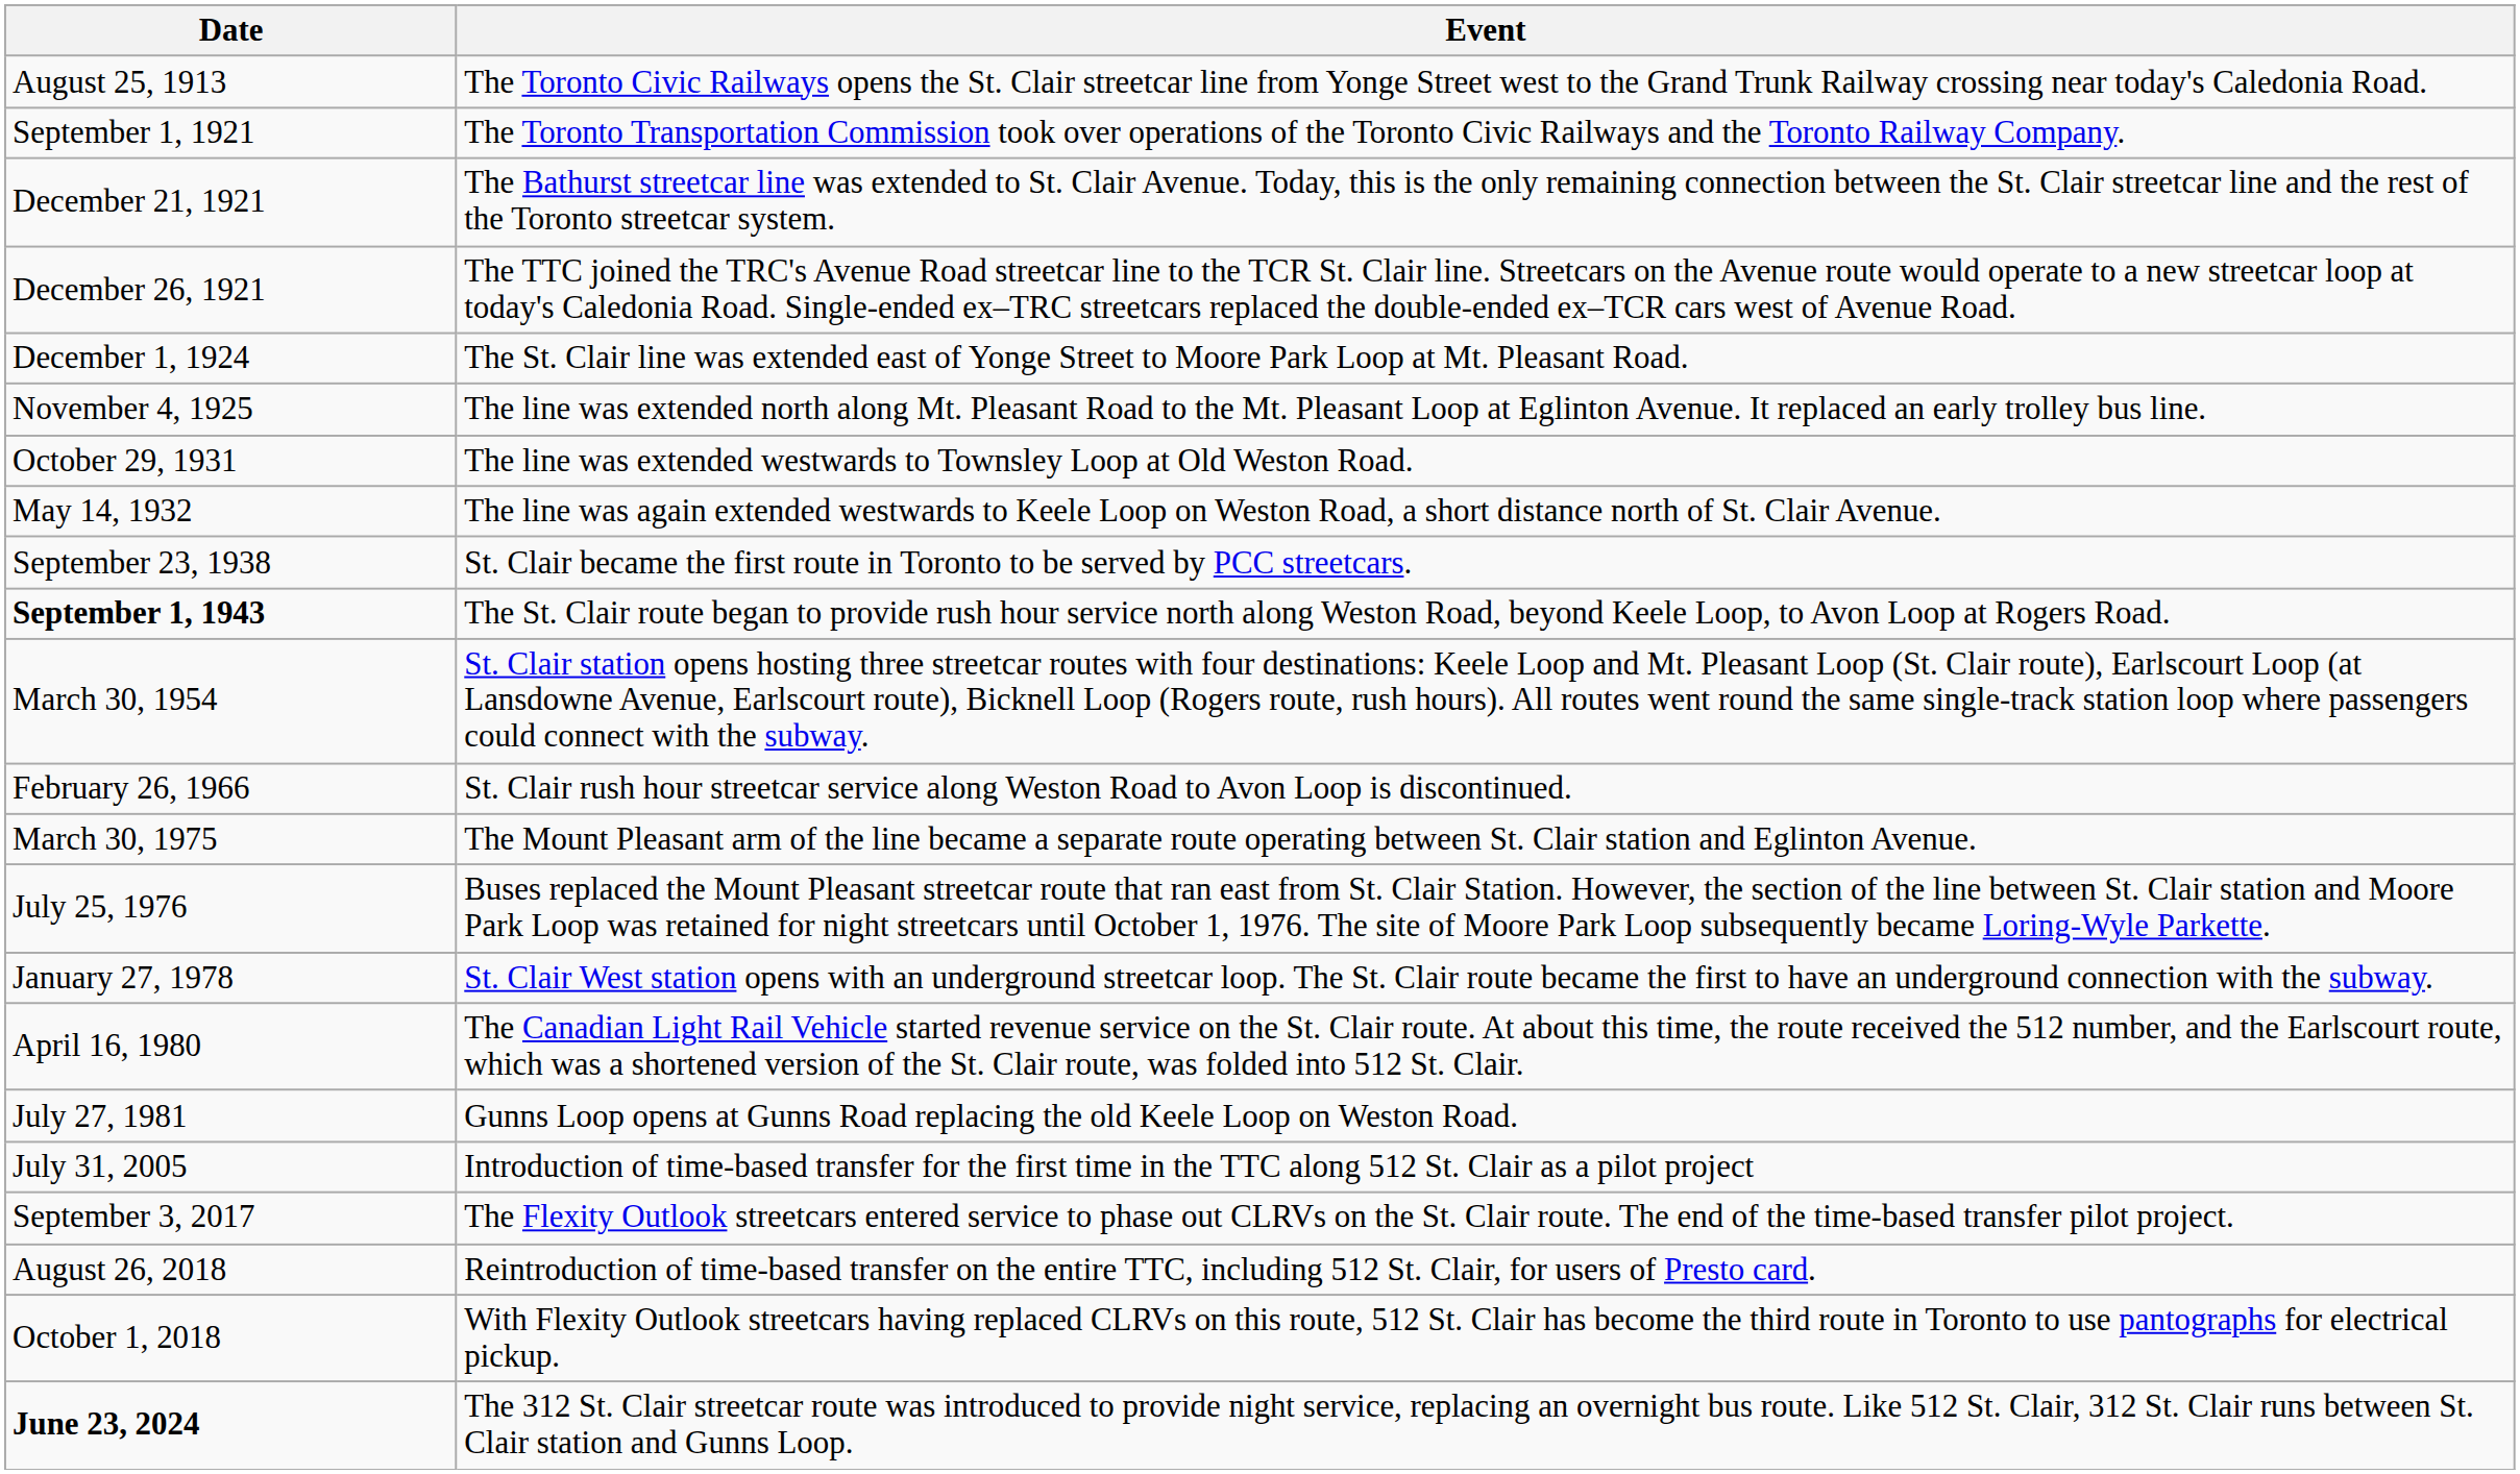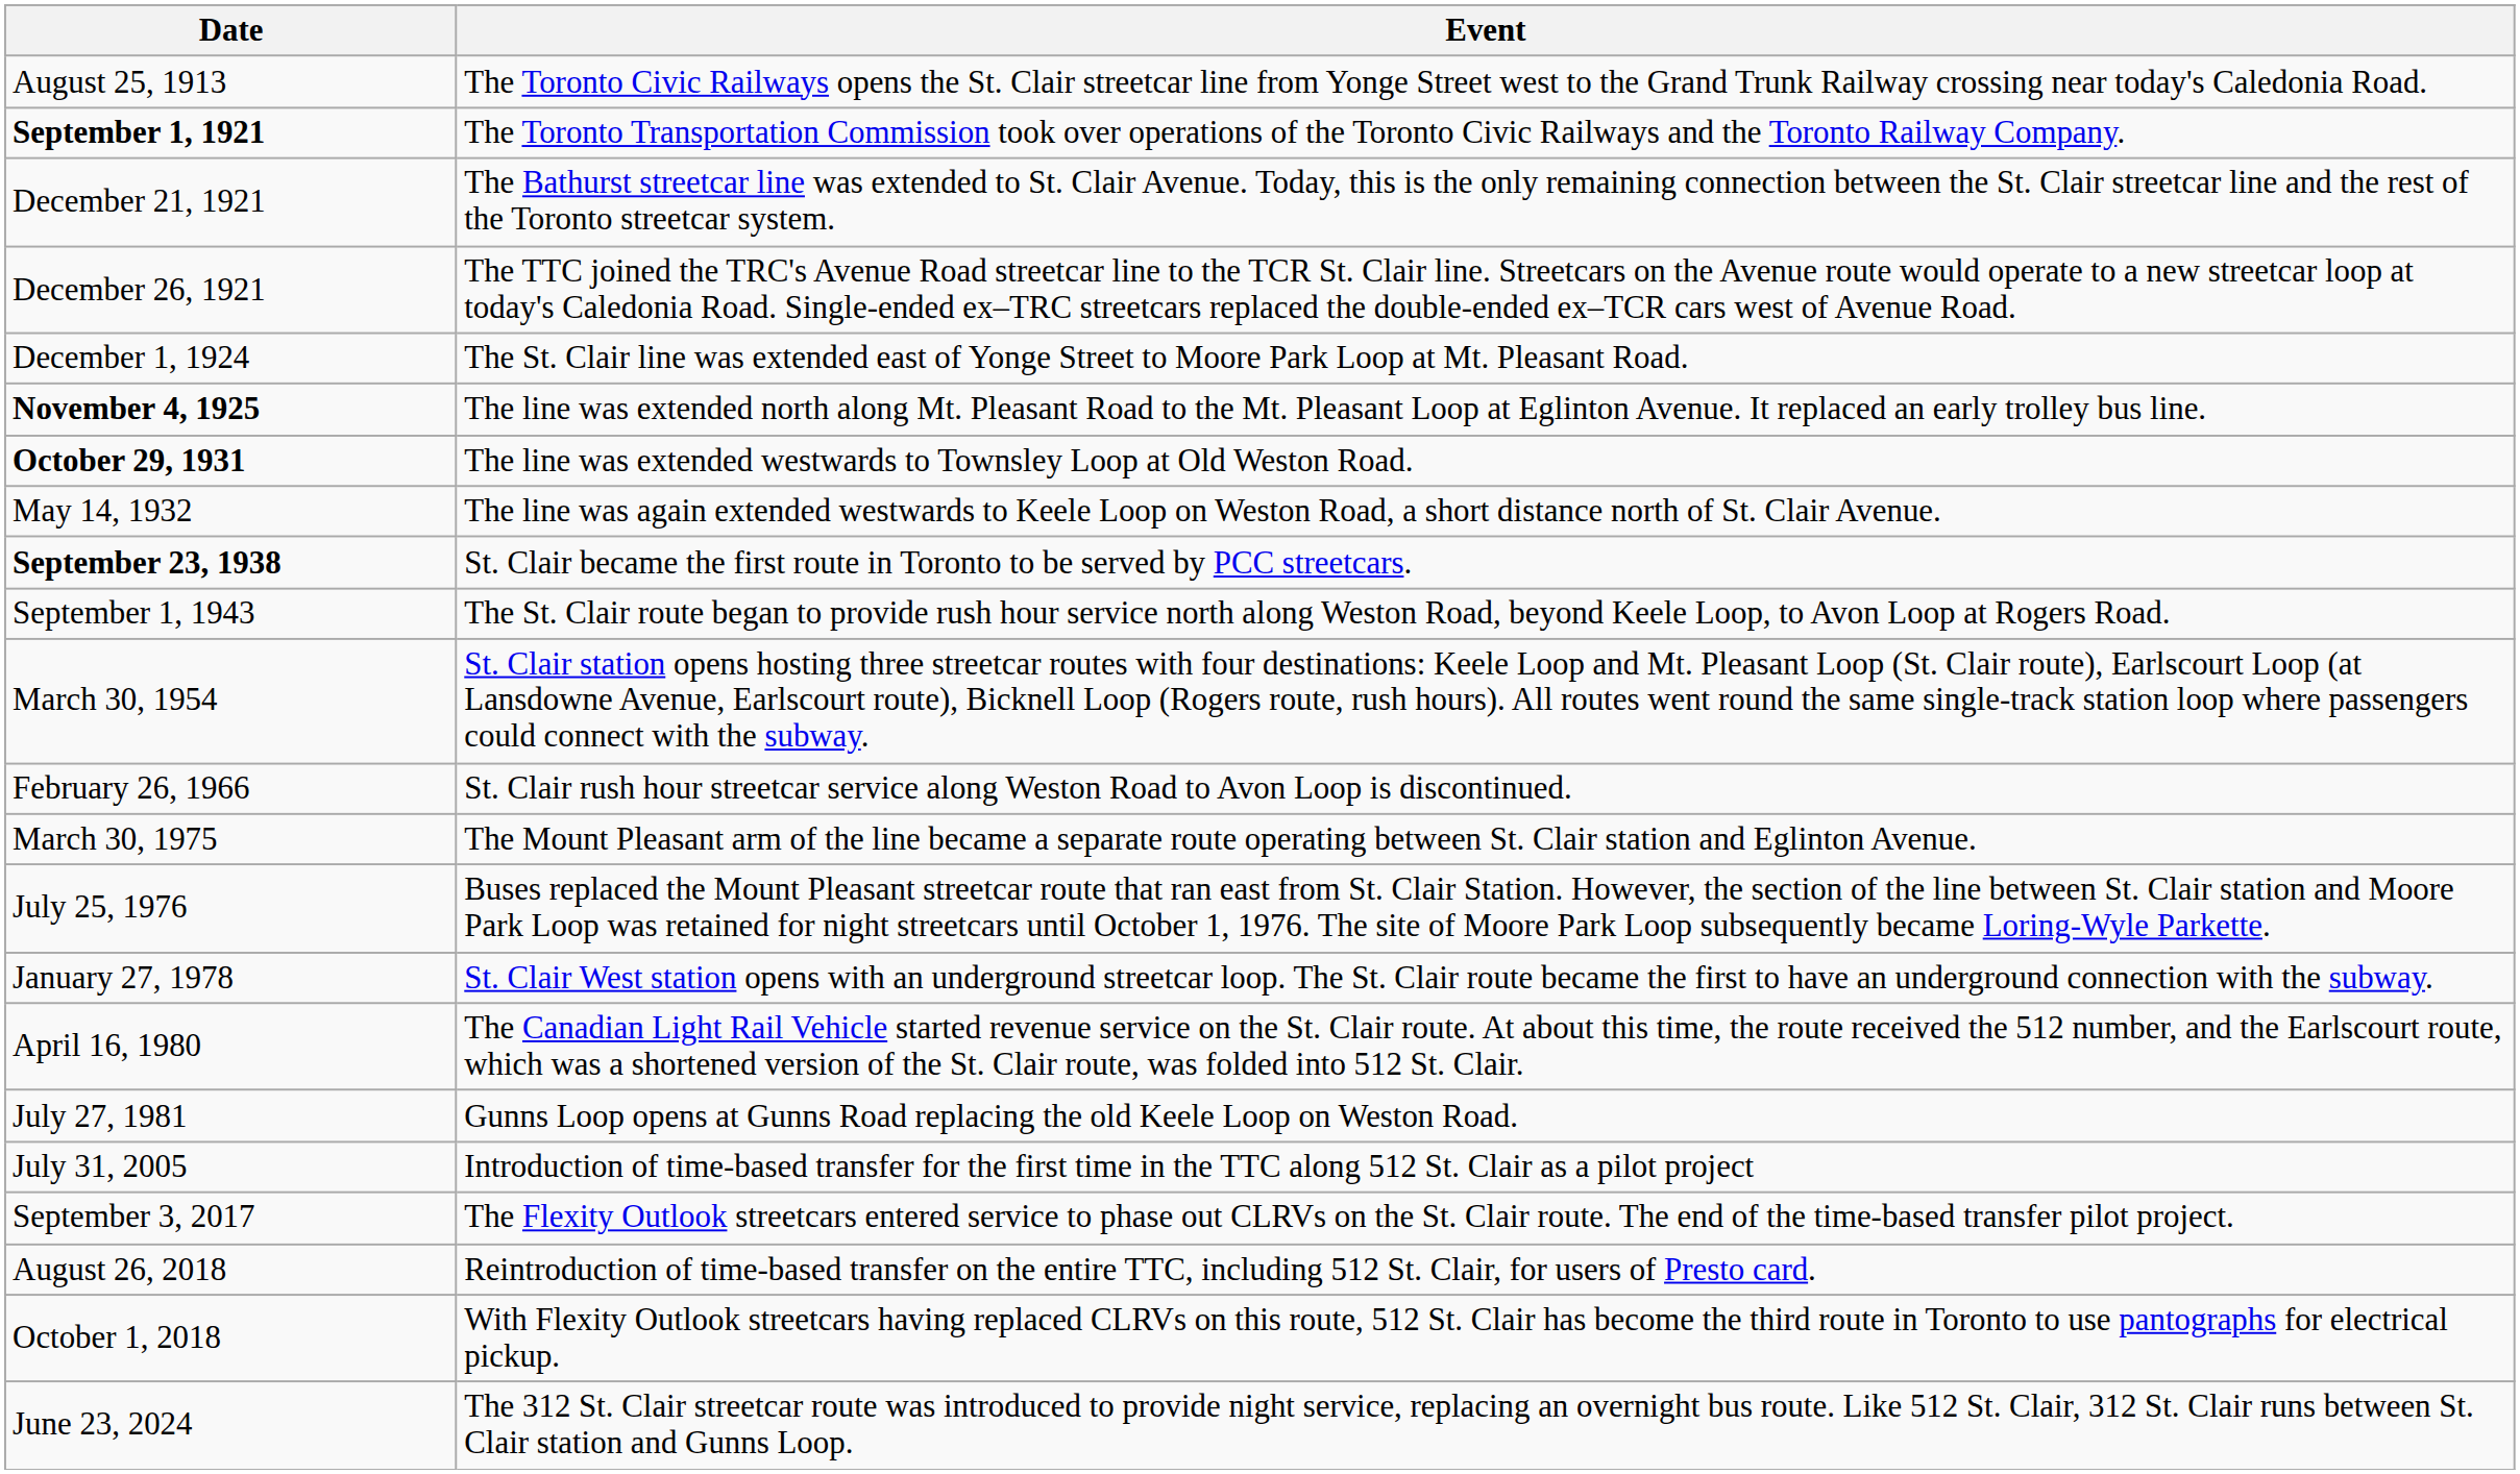 <table class="wikitable">
 <tr valign="top">
 <th width=18%>Date</th>
 <th>Event</th>
 </tr>
 <tr>
 <td>August 25, 1913</td>
 <td>The <a href='#'>Toronto Civic Railways</a> opens the St. Clair streetcar line from Yonge Street west to the Grand Trunk Railway crossing near today's Caledonia Road.</td>
 </tr>
 <tr>
-<td>September 1, 1921</td>
+<td><strong>September 1, 1921</strong></td>
 <td>The <a href='#'>Toronto Transportation Commission</a> took over operations of the Toronto Civic Railways and the <a href='#'>Toronto Railway Company</a>.</td>
 </tr>
 <tr>
 <td>December 21, 1921</td>
 <td>The <a href='#'>Bathurst streetcar line</a> was extended to St. Clair Avenue. Today, this is the only remaining connection between the St. Clair streetcar line and the rest of the Toronto streetcar system.</td>
 </tr>
 <tr>
 <td>December 26, 1921</td>
 <td>The TTC joined the TRC's Avenue Road streetcar line to the TCR St. Clair line. Streetcars on the Avenue route would operate to a new streetcar loop at today's Caledonia Road. Single-ended ex–TRC streetcars replaced the double-ended ex–TCR cars west of Avenue Road.</td>
 </tr>
 <tr>
 <td>December 1, 1924</td>
 <td>The St. Clair line was extended east of Yonge Street to Moore Park Loop at Mt. Pleasant Road.</td>
 </tr>
 <tr>
-<td>November 4, 1925</td>
+<td><strong>November 4, 1925</strong></td>
 <td>The line was extended north along Mt. Pleasant Road to the Mt. Pleasant Loop at Eglinton Avenue. It replaced an early trolley bus line.</td>
 </tr>
 <tr>
-<td>October 29, 1931</td>
+<td><strong>October 29, 1931</strong></td>
 <td>The line was extended westwards to Townsley Loop at Old Weston Road.</td>
 </tr>
 <tr>
 <td>May 14, 1932</td>
 <td>The line was again extended westwards to Keele Loop on Weston Road, a short distance north of St. Clair Avenue.</td>
 </tr>
 <tr>
-<td>September 23, 1938</td>
+<td><strong>September 23, 1938</strong></td>
 <td>St. Clair became the first route in Toronto to be served by <a href='#'>PCC streetcars</a>.</td>
 </tr>
 <tr>
-<td><strong>September 1, 1943</strong></td>
+<td>September 1, 1943</td>
 <td>The St. Clair route began to provide rush hour service north along Weston Road, beyond Keele Loop, to Avon Loop at Rogers Road.</td>
 </tr>
 <tr>
 <td>March 30, 1954</td>
 <td><a href='#'>St. Clair station</a> opens hosting three streetcar routes with four destinations: Keele Loop and Mt. Pleasant Loop (St. Clair route), Earlscourt Loop (at Lansdowne Avenue, Earlscourt route), Bicknell Loop (Rogers route, rush hours). All routes went round the same single-track station loop where passengers could connect with the <a href='#'>subway</a>.</td>
 </tr>
 <tr>
 <td>February 26, 1966</td>
 <td>St. Clair rush hour streetcar service along Weston Road to Avon Loop is discontinued.</td>
 </tr>
 <tr>
 <td>March 30, 1975</td>
 <td>The Mount Pleasant arm of the line became a separate route operating between St. Clair station and Eglinton Avenue.</td>
 </tr>
 <tr>
 <td>July 25, 1976</td>
 <td>Buses replaced the Mount Pleasant streetcar route that ran east from St. Clair Station. However, the section of the line between St. Clair station and Moore Park Loop was retained for night streetcars until October 1, 1976. The site of Moore Park Loop subsequently became <a href='#'>Loring-Wyle Parkette</a>.</td>
 </tr>
 <tr>
 <td>January 27, 1978</td>
 <td><a href='#'>St. Clair West station</a> opens with an underground streetcar loop. The St. Clair route became the first to have an underground connection with the <a href='#'>subway</a>.</td>
 </tr>
 <tr>
 <td>April 16, 1980</td>
 <td>The <a href='#'>Canadian Light Rail Vehicle</a> started revenue service on the St. Clair route. At about this time, the route received the 512 number, and the Earlscourt route, which was a shortened version of the St. Clair route, was folded into 512 St. Clair.</td>
 </tr>
 <tr>
 <td>July 27, 1981</td>
 <td>Gunns Loop opens at Gunns Road replacing the old Keele Loop on Weston Road.</td>
 </tr>
 <tr>
 <td>July 31, 2005</td>
 <td>Introduction of time-based transfer for the first time in the TTC along 512 St. Clair as a pilot project</td>
 </tr>
 <tr>
 <td>September 3, 2017</td>
 <td>The <a href='#'>Flexity Outlook</a> streetcars entered service to phase out CLRVs on the St. Clair route. The end of the time-based transfer pilot project.</td>
 </tr>
 <tr>
 <td>August 26, 2018</td>
 <td>Reintroduction of time-based transfer on the entire TTC, including 512 St. Clair, for users of <a href='#'>Presto card</a>.</td>
 </tr>
 <tr>
 <td>October 1, 2018</td>
 <td>With Flexity Outlook streetcars having replaced CLRVs on this route, 512 St. Clair has become the third route in Toronto to use <a href='#'>pantographs</a> for electrical pickup.</td>
 </tr>
 <tr>
-<td><strong>June 23, 2024</strong></td>
+<td>June 23, 2024</td>
 <td>The 312 St. Clair streetcar route was introduced to provide night service, replacing an overnight bus route. Like 512 St. Clair, 312 St. Clair runs between St. Clair station and Gunns Loop.</td>
 </tr>
 </table>
